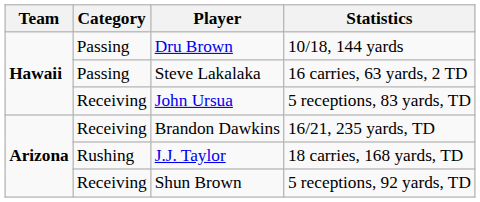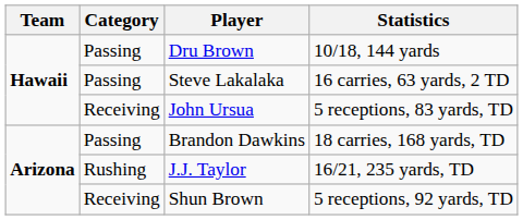 <table class="wikitable" style="float: right;">
 <tr>
 <th>Team</th>
 <th>Category</th>
 <th>Player</th>
 <th>Statistics</th>
 </tr>
 <tr>
 <td rowspan=3><strong>Hawaii</strong></td>
 <td>Passing</td>
 <td><a href='#'>Dru Brown</a></td>
 <td>10/18, 144 yards</td>
 </tr>
 <tr>
 <td>Passing</td>
 <td>Steve Lakalaka</td>
 <td>16 carries, 63 yards, 2 TD</td>
 </tr>
 <tr>
 <td>Receiving</td>
 <td><a href='#'>John Ursua</a></td>
 <td>5 receptions, 83 yards, TD</td>
 </tr>
 <tr>
 <td rowspan=3><strong>Arizona</strong></td>
-<td>Receiving</td>
+<td>Passing</td>
 <td>Brandon Dawkins</td>
-<td>16/21, 235 yards, TD</td>
+<td>18 carries, 168 yards, TD</td>
 </tr>
 <tr>
 <td>Rushing</td>
 <td><a href='#'>J.J. Taylor</a></td>
-<td>18 carries, 168 yards, TD</td>
+<td>16/21, 235 yards, TD</td>
 </tr>
 <tr>
 <td>Receiving</td>
 <td>Shun Brown</td>
 <td>5 receptions, 92 yards, TD</td>
 </tr>
 </table>
